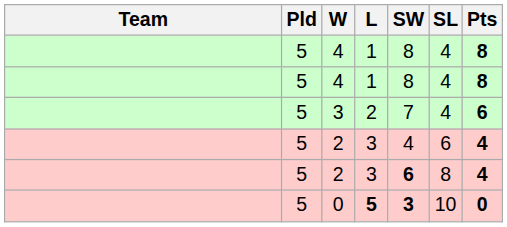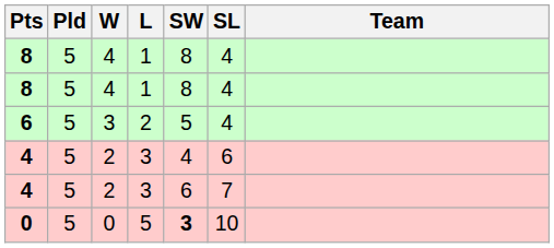 <table class=wikitable style="text-align:center">
 <tr>
-<th width=220>Team</th>
+<th width=20>Pts</th>
 <th width=20>Pld</th>
 <th width=20>W</th>
 <th width=20>L</th>
 <th width=20>SW</th>
 <th width=20>SL</th>
-<th width=20>Pts</th>
+<th width=220>Team</th>
 </tr>
 <tr bgcolor=ccffcc>
-<td align=left></td>
+<td><strong>8</strong></td>
 <td>5</td>
 <td>4</td>
 <td>1</td>
 <td>8</td>
 <td>4</td>
-<td><strong>8</strong></td>
+<td align=left></td>
 </tr>
 <tr bgcolor=ccffcc>
-<td align=left></td>
+<td><strong>8</strong></td>
 <td>5</td>
 <td>4</td>
 <td>1</td>
 <td>8</td>
 <td>4</td>
-<td><strong>8</strong></td>
+<td align=left></td>
 </tr>
 <tr bgcolor=ccffcc>
-<td align=left></td>
+<td><strong>6</strong></td>
 <td>5</td>
 <td>3</td>
 <td>2</td>
-<td>7</td>
+<td>5</td>
 <td>4</td>
-<td><strong>6</strong></td>
+<td align=left></td>
 </tr>
 <tr bgcolor=ffcccc>
-<td align=left></td>
+<td><strong>4</strong></td>
 <td>5</td>
 <td>2</td>
 <td>3</td>
 <td>4</td>
 <td>6</td>
-<td><strong>4</strong></td>
+<td align=left></td>
 </tr>
 <tr bgcolor=ffcccc>
-<td align=left></td>
+<td><strong>4</strong></td>
 <td>5</td>
 <td>2</td>
 <td>3</td>
-<td><strong>6</strong></td>
-<td>8</td>
-<td><strong>4</strong></td>
+<td>6</td>
+<td>7</td>
+<td align=left></td>
 </tr>
 <tr bgcolor=ffcccc>
-<td align=left></td>
+<td><strong>0</strong></td>
 <td>5</td>
 <td>0</td>
-<td><strong>5</strong></td>
+<td>5</td>
 <td><strong>3</strong></td>
 <td>10</td>
-<td><strong>0</strong></td>
+<td align=left></td>
 </tr>
 </table>
